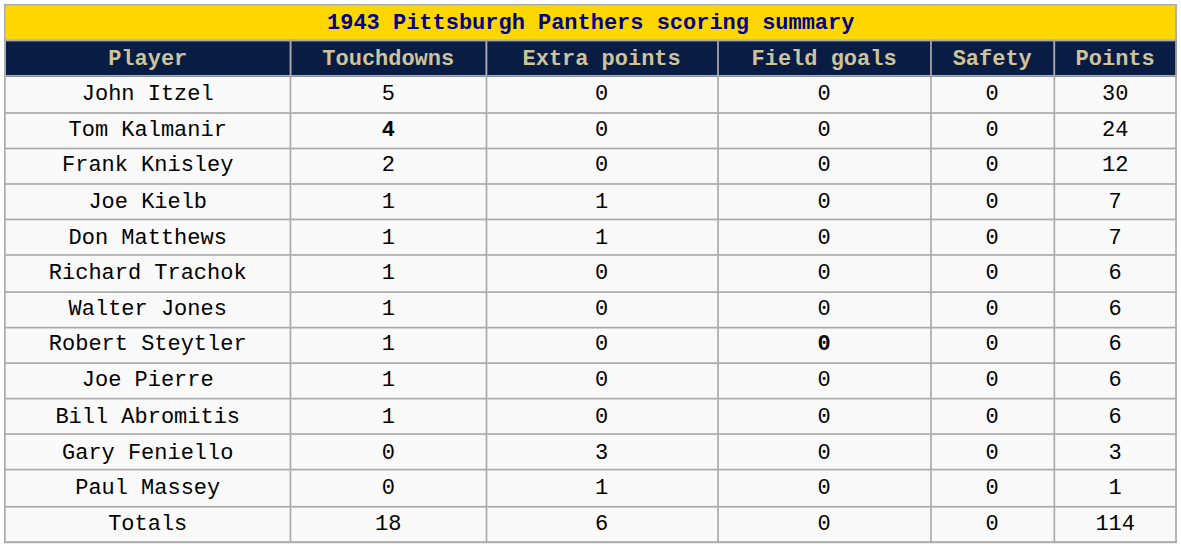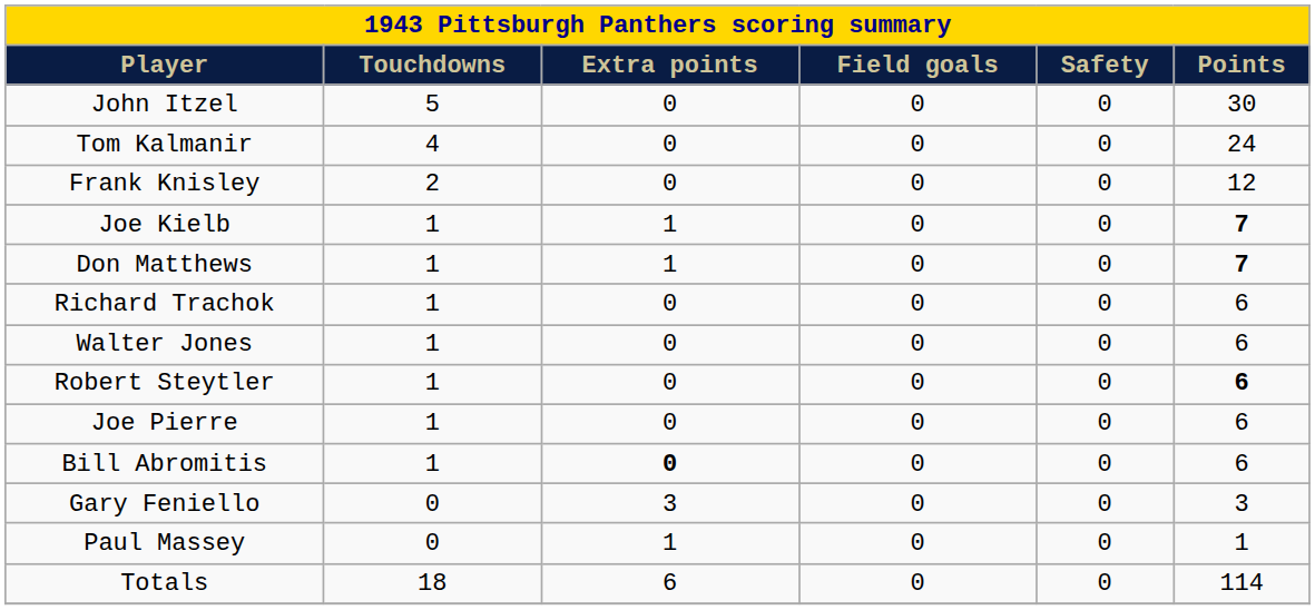 <table class="wikitable" width="35%">
 <tr>
 <th colspan="10" style="background:gold; color:darkblue; text-align: center;"><strong>1943 Pittsburgh Panthers scoring summary</strong></th>
 </tr>
 <tr align="center"  style="background:#091C44;color:#CEC499;">
 <td><strong>Player</strong></td>
 <td><strong>Touchdowns</strong></td>
 <td><strong>Extra points</strong></td>
 <td><strong>Field goals</strong></td>
 <td><strong>Safety</strong></td>
 <td><strong>Points</strong></td>
 </tr>
 <tr align="center" bgcolor="">
 <td>John Itzel</td>
 <td>5</td>
 <td>0</td>
 <td>0</td>
 <td>0</td>
 <td>30</td>
 </tr>
 <tr align="center" bgcolor="">
 <td>Tom Kalmanir</td>
-<td><strong>4</strong></td>
+<td>4</td>
 <td>0</td>
 <td>0</td>
 <td>0</td>
 <td>24</td>
 </tr>
 <tr align="center" bgcolor="">
 <td>Frank Knisley</td>
 <td>2</td>
 <td>0</td>
 <td>0</td>
 <td>0</td>
 <td>12</td>
 </tr>
 <tr align="center" bgcolor="">
 <td>Joe Kielb</td>
 <td>1</td>
 <td>1</td>
 <td>0</td>
 <td>0</td>
-<td>7</td>
+<td><strong>7</strong></td>
 </tr>
 <tr align="center" bgcolor="">
 <td>Don Matthews</td>
 <td>1</td>
 <td>1</td>
 <td>0</td>
 <td>0</td>
-<td>7</td>
+<td><strong>7</strong></td>
 </tr>
 <tr align="center" bgcolor="">
 <td>Richard Trachok</td>
 <td>1</td>
 <td>0</td>
 <td>0</td>
 <td>0</td>
 <td>6</td>
 </tr>
 <tr align="center" bgcolor="">
 <td>Walter Jones</td>
 <td>1</td>
 <td>0</td>
 <td>0</td>
 <td>0</td>
 <td>6</td>
 </tr>
 <tr align="center" bgcolor="">
 <td>Robert Steytler</td>
 <td>1</td>
 <td>0</td>
-<td><strong>0</strong></td>
 <td>0</td>
-<td>6</td>
+<td>0</td>
+<td><strong>6</strong></td>
 </tr>
 <tr align="center" bgcolor="">
 <td>Joe Pierre</td>
 <td>1</td>
 <td>0</td>
 <td>0</td>
 <td>0</td>
 <td>6</td>
 </tr>
 <tr align="center" bgcolor="">
 <td>Bill Abromitis</td>
 <td>1</td>
-<td>0</td>
+<td><strong>0</strong></td>
 <td>0</td>
 <td>0</td>
 <td>6</td>
 </tr>
 <tr align="center" bgcolor="">
 <td>Gary Feniello</td>
 <td>0</td>
 <td>3</td>
 <td>0</td>
 <td>0</td>
 <td>3</td>
 </tr>
 <tr align="center" bgcolor="">
 <td>Paul Massey</td>
 <td>0</td>
 <td>1</td>
 <td>0</td>
 <td>0</td>
 <td>1</td>
 </tr>
 <tr align="center" bgcolor="">
 <td>Totals</td>
 <td>18</td>
 <td>6</td>
 <td>0</td>
 <td>0</td>
 <td>114</td>
 </tr>
 <tr align="center" bgcolor="">
 </tr>
 </table>
